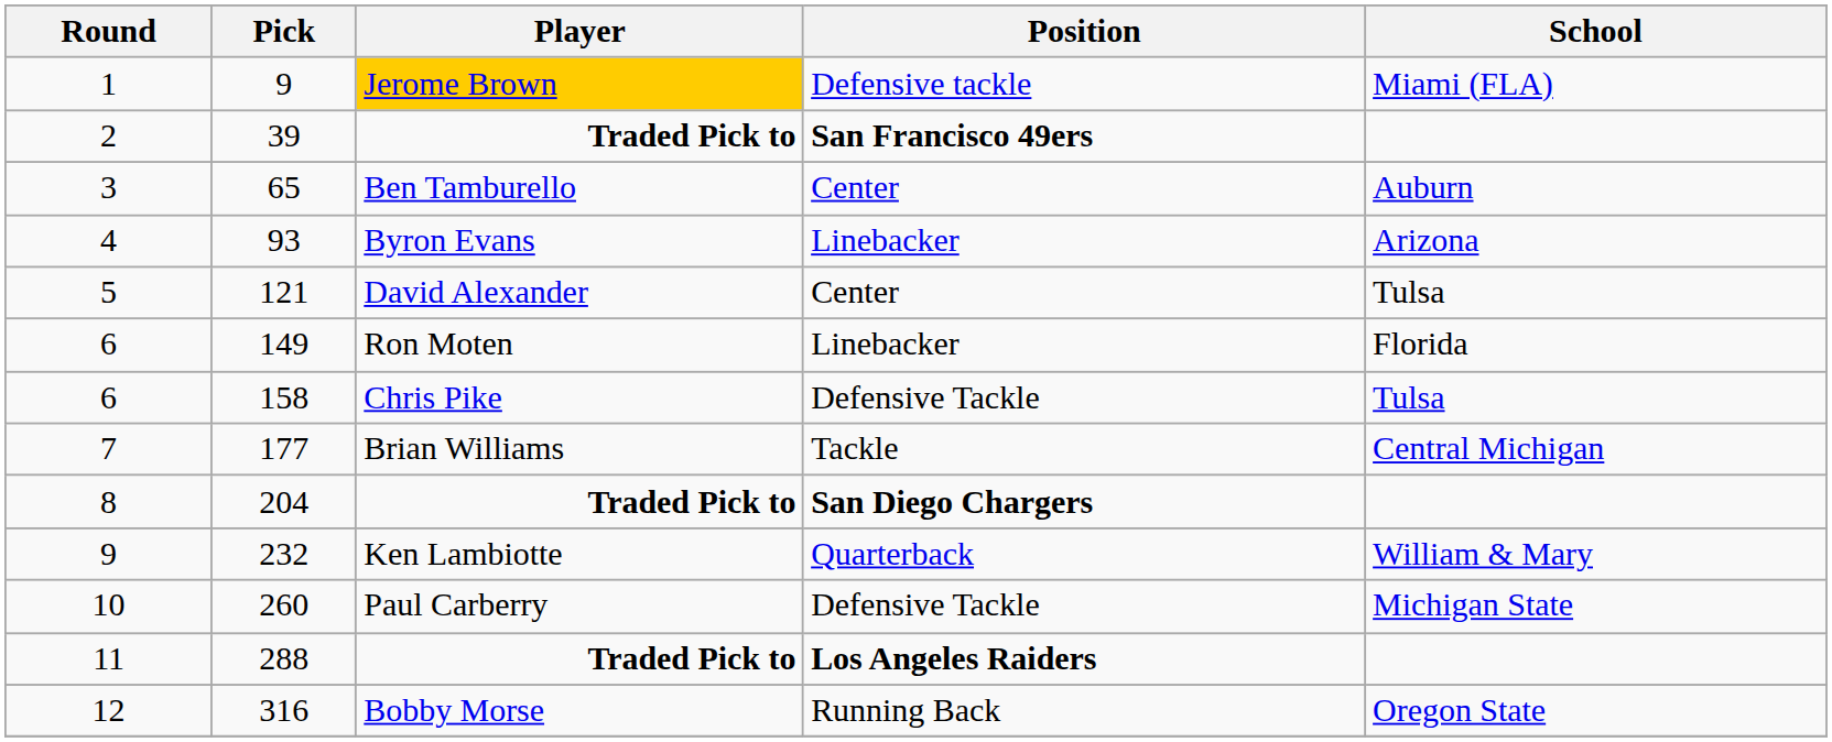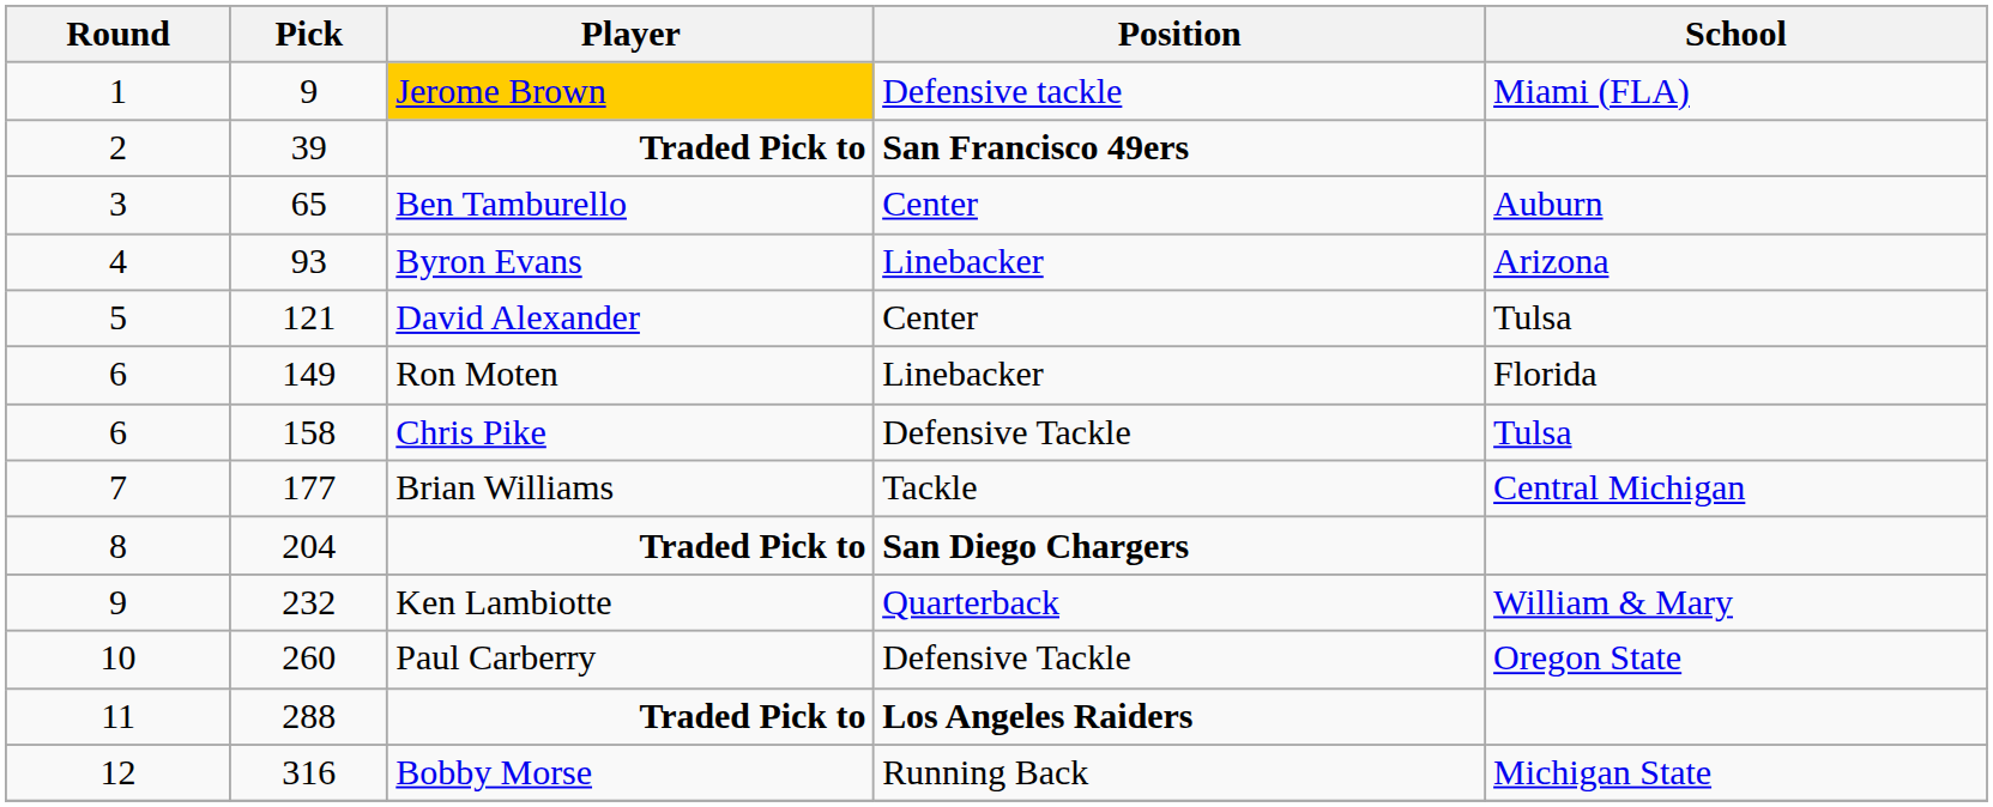 <table class="wikitable" width="70%">
 <tr align="center">
 <th>Round</th>
 <th>Pick</th>
 <th>Player</th>
 <th>Position</th>
 <th>School</th>
 </tr>
 <tr align="center" bgcolor="">
 <td>1</td>
 <td>9</td>
 <td - align=left bgcolor="#FFCCOO"><a href='#'>Jerome Brown</a></td>
 <td - align=left><a href='#'>Defensive tackle</a></td>
 <td - align=left><a href='#'>Miami (FLA)</a></td>
 </tr>
 <tr align="center" bgcolor="">
 <td>2</td>
 <td>39</td>
 <td - align=right><strong>Traded Pick to</strong></td>
 <td - align=left><strong>San Francisco 49ers</strong></td>
 <td></td>
 </tr>
 <tr align="center" bgcolor="">
 <td>3</td>
 <td>65</td>
 <td - align=left><a href='#'>Ben Tamburello</a></td>
 <td - align=left><a href='#'>Center</a></td>
 <td - align=left><a href='#'>Auburn</a></td>
 </tr>
 <tr align="center" bgcolor="">
 <td>4</td>
 <td>93</td>
 <td - align=left><a href='#'>Byron Evans</a></td>
 <td - align=left><a href='#'>Linebacker</a></td>
 <td - align=left><a href='#'>Arizona</a></td>
 </tr>
 <tr align="center" bgcolor="">
 <td>5</td>
 <td>121</td>
 <td - align=left><a href='#'>David Alexander</a></td>
 <td - align=left>Center</td>
 <td - align=left>Tulsa</td>
 </tr>
 <tr align="center" bgcolor="">
 <td>6</td>
 <td>149</td>
 <td - align=left>Ron Moten</td>
 <td - align=left>Linebacker</td>
 <td - align=left>Florida</td>
 </tr>
 <tr align="center" bgcolor="">
 <td>6</td>
 <td>158</td>
 <td - align=left><a href='#'>Chris Pike</a></td>
 <td - align=left>Defensive Tackle</td>
 <td - align=left><a href='#'>Tulsa</a></td>
 </tr>
 <tr align="center" bgcolor="">
 <td>7</td>
 <td>177</td>
 <td - align=left>Brian Williams</td>
 <td - align=left>Tackle</td>
 <td - align=left><a href='#'>Central Michigan</a></td>
 </tr>
 <tr align="center" bgcolor="">
 <td>8</td>
 <td>204</td>
 <td - align=right><strong>Traded Pick to</strong></td>
 <td - align=left><strong>San Diego Chargers</strong></td>
 <td></td>
 </tr>
 <tr align="center" bgcolor="">
 <td>9</td>
 <td>232</td>
 <td - align=left>Ken Lambiotte</td>
 <td - align=left><a href='#'>Quarterback</a></td>
 <td - align=left><a href='#'>William & Mary</a></td>
 </tr>
 <tr align="center" bgcolor="">
 <td>10</td>
 <td>260</td>
 <td - align=left>Paul Carberry</td>
 <td - align=left>Defensive Tackle</td>
-<td - align=left><a href='#'>Michigan State</a></td>
+<td - align=left><a href='#'>Oregon State</a></td>
 </tr>
 <tr align="center" bgcolor="">
 <td>11</td>
 <td>288</td>
 <td - align=right><strong>Traded Pick to</strong></td>
 <td - align=left><strong>Los Angeles Raiders</strong></td>
 <td></td>
 </tr>
 <tr align="center" bgcolor="">
 <td>12</td>
 <td>316</td>
 <td - align=left><a href='#'>Bobby Morse</a></td>
 <td - align=left>Running Back</td>
-<td - align=left><a href='#'>Oregon State</a></td>
+<td - align=left><a href='#'>Michigan State</a></td>
 </tr>
 <tr align="center" bgcolor="">
 </tr>
 </table>
